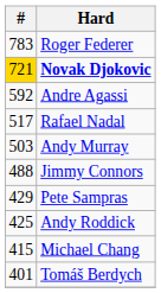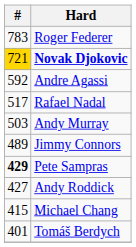 <table class="wikitable" style="display:inline-table;">
 <tr>
 <th width=20>#</th>
 <th>Hard</th>
 </tr>
 <tr>
 <td>783</td>
 <td> <a href='#'>Roger Federer</a></td>
 </tr>
 <tr>
 <td style="background: gold;">721</td>
 <td> <strong><a href='#'>Novak Djokovic</a></strong></td>
 </tr>
 <tr>
 <td>592</td>
 <td> <a href='#'>Andre Agassi</a></td>
 </tr>
 <tr>
 <td>517</td>
 <td> <a href='#'>Rafael Nadal</a></td>
 </tr>
 <tr>
 <td>503</td>
 <td> <a href='#'>Andy Murray</a></td>
 </tr>
 <tr>
-<td>488</td>
+<td>489</td>
 <td> <a href='#'>Jimmy Connors</a></td>
 </tr>
 <tr>
-<td>429</td>
+<td><strong>429</strong></td>
 <td> <a href='#'>Pete Sampras</a></td>
 </tr>
 <tr>
-<td>425</td>
+<td>427</td>
 <td> <a href='#'>Andy Roddick</a></td>
 </tr>
 <tr>
 <td>415</td>
 <td> <a href='#'>Michael Chang</a></td>
 </tr>
 <tr>
 <td>401</td>
 <td> <a href='#'>Tomáš Berdych</a></td>
 </tr>
 <tr>
 </tr>
 </table>
